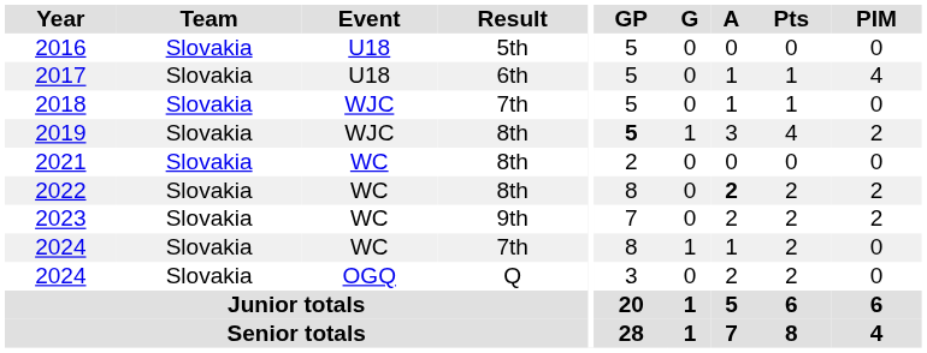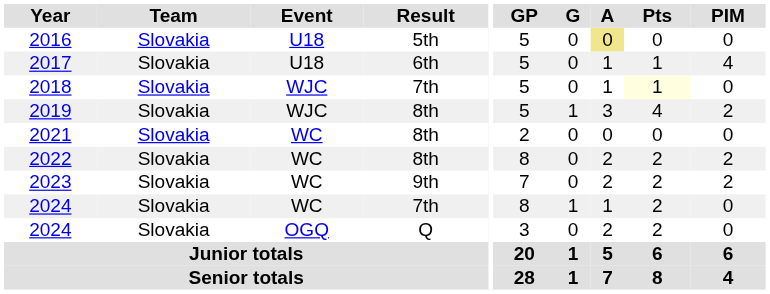 <table border="0" cellpadding="1" cellspacing="0" ID="Table3" style="text-align:center; width:40em">
 <tr ALIGN="center" bgcolor="#e0e0e0">
 <th>Year</th>
 <th>Team</th>
 <th>Event</th>
 <th>Result</th>
 <th rowspan="99" bgcolor="#ffffff"></th>
 <th>GP</th>
 <th>G</th>
 <th>A</th>
 <th>Pts</th>
 <th>PIM</th>
 </tr>
 <tr>
 <td><a href='#'>2016</a></td>
 <td><a href='#'>Slovakia</a></td>
 <td><a href='#'>U18</a></td>
 <td>5th</td>
 <td>5</td>
 <td>0</td>
-<td>0</td>
+<td style="background: khaki;">0</td>
 <td>0</td>
 <td>0</td>
 </tr>
 <tr bgcolor="#f0f0f0">
 <td><a href='#'>2017</a></td>
 <td>Slovakia</td>
 <td>U18</td>
 <td>6th</td>
 <td>5</td>
 <td>0</td>
 <td>1</td>
 <td>1</td>
 <td>4</td>
 </tr>
 <tr>
 <td><a href='#'>2018</a></td>
 <td><a href='#'>Slovakia</a></td>
 <td><a href='#'>WJC</a></td>
 <td>7th</td>
 <td>5</td>
 <td>0</td>
 <td>1</td>
-<td>1</td>
+<td style="background: lightyellow;">1</td>
 <td>0</td>
 </tr>
 <tr bgcolor="#f0f0f0">
 <td><a href='#'>2019</a></td>
 <td>Slovakia</td>
 <td>WJC</td>
 <td>8th</td>
-<td><strong>5</strong></td>
+<td>5</td>
 <td>1</td>
 <td>3</td>
 <td>4</td>
 <td>2</td>
 </tr>
 <tr>
 <td><a href='#'>2021</a></td>
 <td><a href='#'>Slovakia</a></td>
 <td><a href='#'>WC</a></td>
 <td>8th</td>
 <td>2</td>
 <td>0</td>
 <td>0</td>
 <td>0</td>
 <td>0</td>
 </tr>
 <tr bgcolor="#f0f0f0">
 <td><a href='#'>2022</a></td>
 <td>Slovakia</td>
 <td>WC</td>
 <td>8th</td>
 <td>8</td>
 <td>0</td>
-<td><strong>2</strong></td>
+<td>2</td>
 <td>2</td>
 <td>2</td>
 </tr>
 <tr>
 <td><a href='#'>2023</a></td>
 <td>Slovakia</td>
 <td>WC</td>
 <td>9th</td>
 <td>7</td>
 <td>0</td>
 <td>2</td>
 <td>2</td>
 <td>2</td>
 </tr>
 <tr bgcolor="#f0f0f0">
 <td><a href='#'>2024</a></td>
 <td>Slovakia</td>
 <td>WC</td>
 <td>7th</td>
 <td>8</td>
 <td>1</td>
 <td>1</td>
 <td>2</td>
 <td>0</td>
 </tr>
 <tr>
 <td><a href='#'>2024</a></td>
 <td>Slovakia</td>
 <td><a href='#'>OGQ</a></td>
 <td>Q</td>
 <td>3</td>
 <td>0</td>
 <td>2</td>
 <td>2</td>
 <td>0</td>
 </tr>
 <tr bgcolor="#e0e0e0">
 <th colspan="4">Junior totals</th>
 <th>20</th>
 <th>1</th>
 <th>5</th>
 <th>6</th>
 <th>6</th>
 </tr>
 <tr bgcolor="#e0e0e0">
 <th colspan="4">Senior totals</th>
 <th>28</th>
 <th>1</th>
 <th>7</th>
 <th>8</th>
 <th>4</th>
 </tr>
 </table>
